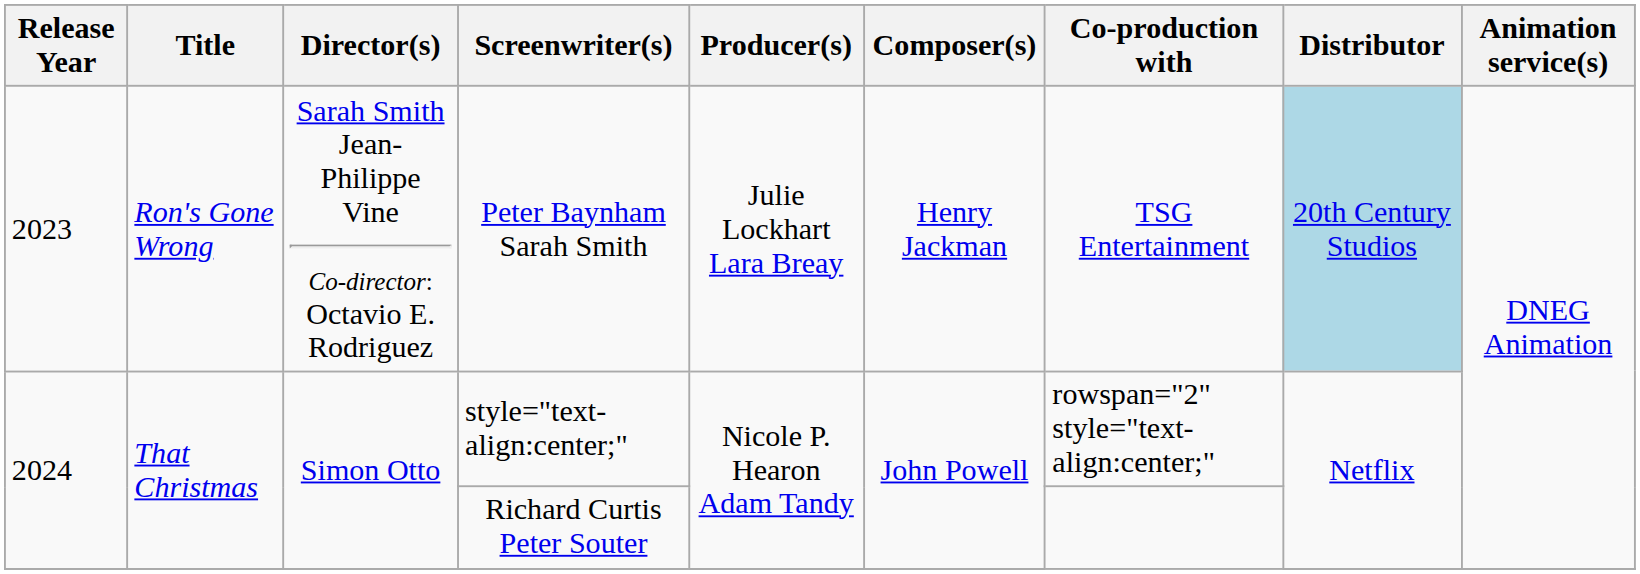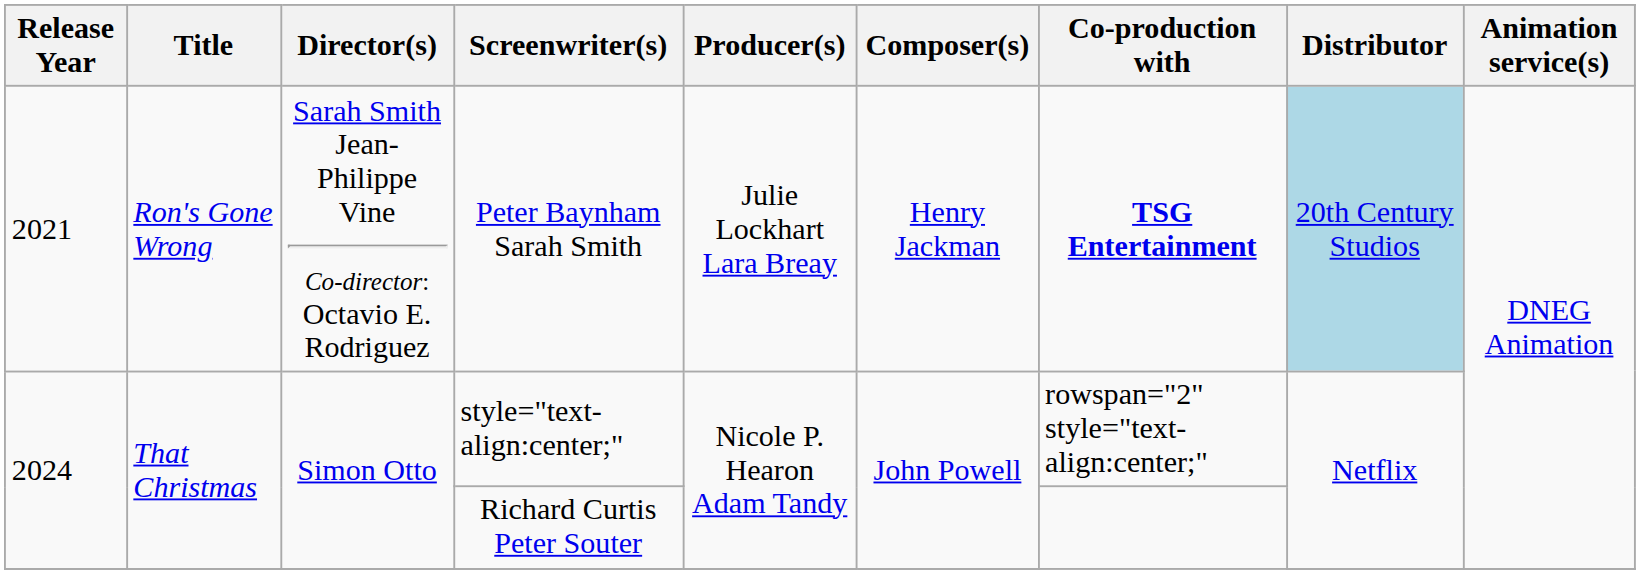 <table class="wikitable">
 <tr>
 <th>Release Year</th>
 <th>Title</th>
 <th>Director(s)</th>
 <th>Screenwriter(s)</th>
 <th>Producer(s)</th>
 <th>Composer(s)</th>
 <th>Co-production with</th>
 <th>Distributor</th>
 <th>Animation service(s)</th>
 </tr>
 <tr>
-<td>2023</td>
+<td>2021</td>
 <td><em><a href='#'>Ron's Gone Wrong</a></em></td>
 <td style="text-align:center;"><a href='#'>Sarah Smith</a><br>Jean-Philippe Vine<hr><small><em>Co-director</em>:</small><br> Octavio E. Rodriguez</td>
 <td style="text-align:center;"><a href='#'>Peter Baynham</a><br>Sarah Smith</td>
 <td style="text-align:center;">Julie Lockhart<br><a href='#'>Lara Breay</a></td>
 <td style="text-align:center;"><a href='#'>Henry Jackman</a></td>
-<td style="text-align:center;"><a href='#'>TSG Entertainment</a></td>
+<td style="text-align:center;"><strong><a href='#'>TSG Entertainment</a></strong></td>
 <td style="background: lightblue; text-align:center;"><a href='#'>20th Century Studios</a></td>
 <td rowspan="3" style="text-align:center;"><a href='#'>DNEG Animation</a></td>
 </tr>
 <tr>
 <td rowspan="2">2024</td>
 <td rowspan="2"><em><a href='#'>That Christmas</a></em></td>
 <td rowspan="2" style="text-align:center;"><a href='#'>Simon Otto</a></td>
 <td>style="text-align:center;" </td>
 <td rowspan="2" style="text-align:center;">Nicole P. Hearon<br><a href='#'>Adam Tandy</a></td>
 <td rowspan="2" style="text-align:center;"><a href='#'>John Powell</a></td>
 <td>rowspan="2" style="text-align:center;" </td>
 <td rowspan="2" style="text-align:center;"><a href='#'>Netflix</a></td>
 </tr>
 <tr>
 <td style="text-align:center;">Richard Curtis<br><a href='#'>Peter Souter</a></td>
 </tr>
 <tr>
 </tr>
 </table>
